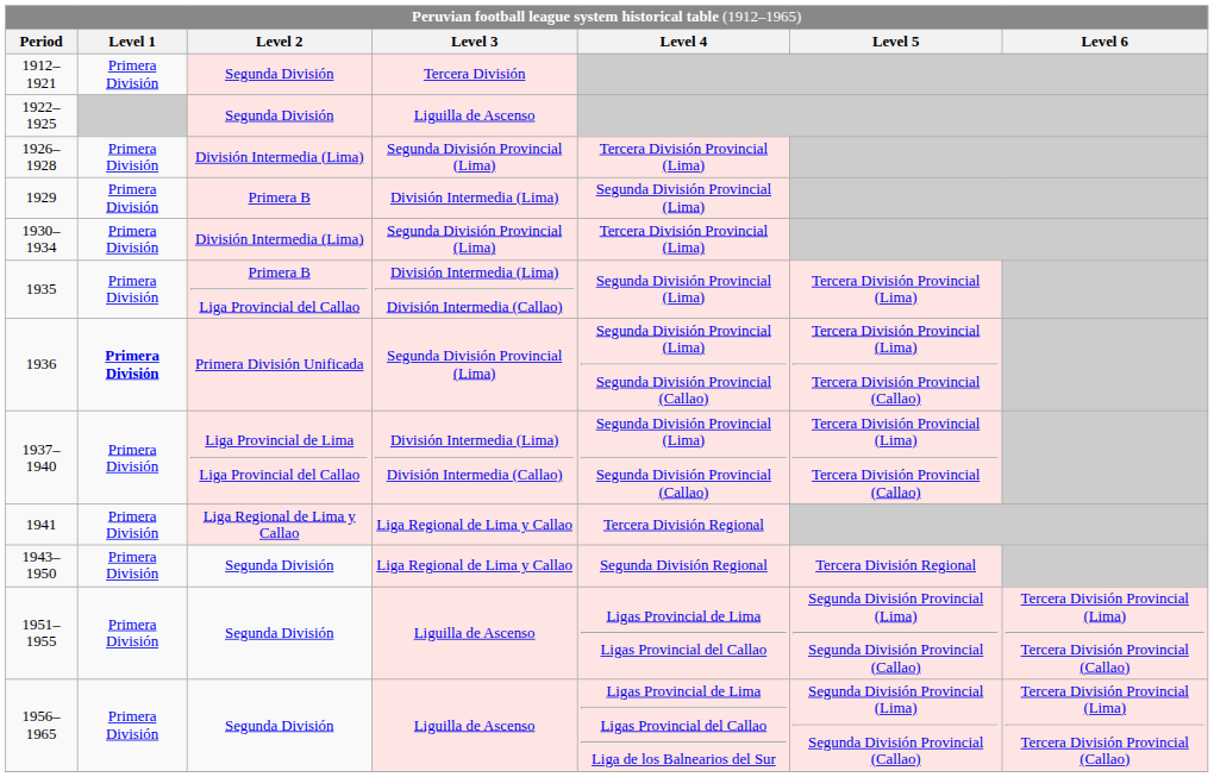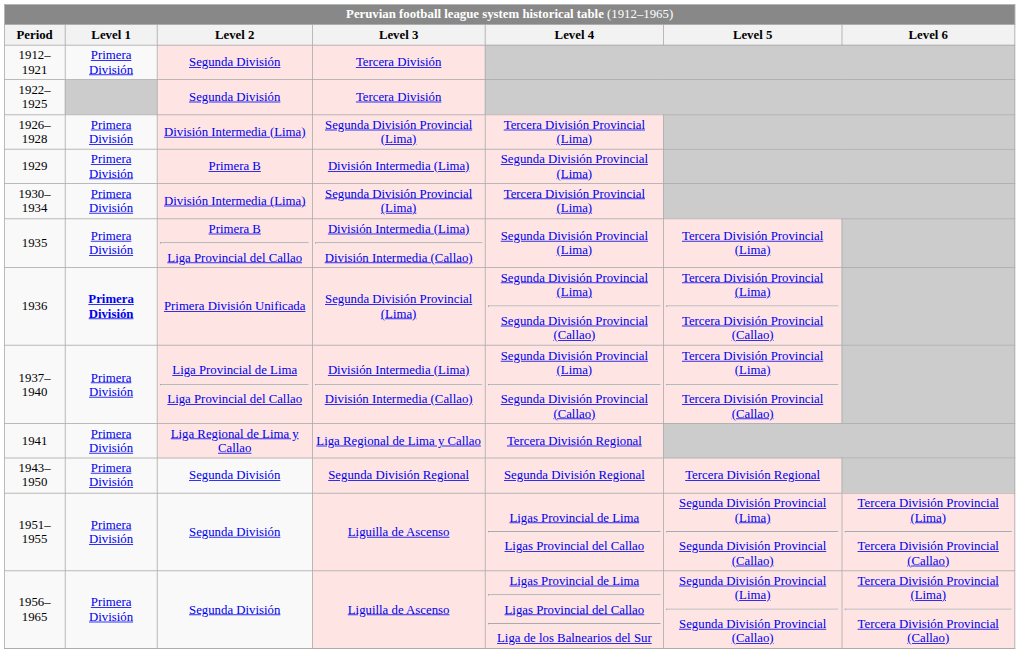 <table class="wikitable sortable" style="text-align:center; margin-right:auto; margin-left: left;">
 <tr>
 <td colspan="7" style="background:#888888; color:#ffffff"><strong>Peruvian football league system historical table</strong> (1912–1965)</td>
 </tr>
 <tr style="background:#dddddd;">
 <th>Period</th>
 <th>Level 1</th>
 <th>Level 2</th>
 <th>Level 3</th>
 <th>Level 4</th>
 <th>Level 5</th>
 <th>Level 6</th>
 </tr>
 <tr>
 <td>1912–1921</td>
 <td><a href='#'>Primera División</a></td>
 <td style=background:#fee4e3><a href='#'>Segunda División</a></td>
 <td style=background:#fee4e3><a href='#'>Tercera División</a></td>
 <td colspan="3" style="background:#cccccc;"></td>
 </tr>
 <tr>
 <td>1922–1925</td>
 <td style="background:#cccccc;"></td>
 <td style=background:#fee4e3><a href='#'>Segunda División</a></td>
-<td style=background:#fee4e3><a href='#'>Liguilla de Ascenso</a></td>
+<td style=background:#fee4e3><a href='#'>Tercera División</a></td>
 <td colspan="3" style="background:#cccccc;"></td>
 </tr>
 <tr>
 <td>1926–1928</td>
 <td><a href='#'>Primera División</a></td>
 <td style=background:#fee4e3><a href='#'>División Intermedia (Lima)</a></td>
 <td style=background:#fee4e3><a href='#'>Segunda División Provincial (Lima)</a></td>
 <td style=background:#fee4e3><a href='#'>Tercera División Provincial (Lima)</a></td>
 <td colspan="2" style="background:#cccccc;"></td>
 </tr>
 <tr>
 <td>1929</td>
 <td><a href='#'>Primera División</a></td>
 <td style=background:#fee4e3><a href='#'>Primera B</a></td>
 <td style=background:#fee4e3><a href='#'>División Intermedia (Lima)</a></td>
 <td style=background:#fee4e3><a href='#'>Segunda División Provincial (Lima)</a></td>
 <td colspan="2" style="background:#cccccc;"></td>
 </tr>
 <tr>
 <td>1930–1934</td>
 <td><a href='#'>Primera División</a></td>
 <td style=background:#fee4e3><a href='#'>División Intermedia (Lima)</a></td>
 <td style=background:#fee4e3><a href='#'>Segunda División Provincial (Lima)</a></td>
 <td style=background:#fee4e3><a href='#'>Tercera División Provincial (Lima)</a></td>
 <td colspan="2" style="background:#cccccc;"></td>
 </tr>
 <tr>
 <td>1935</td>
 <td><a href='#'>Primera División</a></td>
 <td style=background:#fee4e3><a href='#'>Primera B</a><hr> <a href='#'>Liga Provincial del Callao</a></td>
 <td style=background:#fee4e3><a href='#'>División Intermedia (Lima)</a><hr><a href='#'>División Intermedia (Callao)</a></td>
 <td style=background:#fee4e3><a href='#'>Segunda División Provincial (Lima)</a></td>
 <td style=background:#fee4e3><a href='#'>Tercera División Provincial (Lima)</a></td>
 <td style="background:#cccccc;"></td>
 </tr>
 <tr>
 <td>1936</td>
 <td><strong><a href='#'>Primera División</a></strong></td>
 <td style=background:#fee4e3><a href='#'>Primera División Unificada</a></td>
 <td style=background:#fee4e3><a href='#'>Segunda División Provincial (Lima)</a></td>
 <td style=background:#fee4e3><a href='#'>Segunda División Provincial (Lima)</a><hr><a href='#'>Segunda División Provincial (Callao)</a></td>
 <td style=background:#fee4e3><a href='#'>Tercera División Provincial (Lima)</a><hr><a href='#'>Tercera División Provincial (Callao)</a></td>
 <td style="background:#cccccc;"></td>
 </tr>
 <tr>
 <td>1937–1940</td>
 <td><a href='#'>Primera División</a></td>
 <td style=background:#fee4e3><a href='#'>Liga Provincial de Lima</a><hr><a href='#'>Liga Provincial del Callao</a></td>
 <td style=background:#fee4e3><a href='#'>División Intermedia (Lima)</a><hr><a href='#'>División Intermedia (Callao)</a></td>
 <td style=background:#fee4e3><a href='#'>Segunda División Provincial (Lima)</a><hr><a href='#'>Segunda División Provincial (Callao)</a></td>
 <td style=background:#fee4e3><a href='#'>Tercera División Provincial (Lima)</a><hr><a href='#'>Tercera División Provincial (Callao)</a></td>
 <td style="background:#cccccc;"></td>
 </tr>
 <tr>
 <td>1941</td>
 <td><a href='#'>Primera División</a></td>
 <td style=background:#fee4e3><a href='#'>Liga Regional de Lima y Callao</a></td>
 <td style=background:#fee4e3><a href='#'>Liga Regional de Lima y Callao</a></td>
 <td style=background:#fee4e3><a href='#'>Tercera División Regional</a></td>
 <td colspan="2" style="background:#cccccc;"></td>
 </tr>
 <tr>
 <td>1943–1950</td>
 <td><a href='#'>Primera División</a></td>
 <td><a href='#'>Segunda División</a></td>
-<td style=background:#fee4e3><a href='#'>Liga Regional de Lima y Callao</a></td>
+<td style=background:#fee4e3><a href='#'>Segunda División Regional</a></td>
 <td style=background:#fee4e3><a href='#'>Segunda División Regional</a></td>
 <td style=background:#fee4e3><a href='#'>Tercera División Regional</a></td>
 <td style="background:#cccccc;"></td>
 </tr>
 <tr>
 <td>1951–1955</td>
 <td><a href='#'>Primera División</a></td>
 <td><a href='#'>Segunda División</a></td>
 <td style=background:#fee4e3><a href='#'>Liguilla de Ascenso</a></td>
 <td style=background:#fee4e3><a href='#'>Ligas Provincial de Lima</a><hr><a href='#'>Ligas Provincial del Callao</a></td>
 <td style=background:#fee4e3><a href='#'>Segunda División Provincial (Lima)</a><hr><a href='#'>Segunda División Provincial (Callao)</a></td>
 <td style=background:#fee4e3><a href='#'>Tercera División Provincial (Lima)</a><hr><a href='#'>Tercera División Provincial (Callao)</a></td>
 </tr>
 <tr>
 <td>1956–1965</td>
 <td><a href='#'>Primera División</a></td>
 <td><a href='#'>Segunda División</a></td>
 <td style=background:#fee4e3><a href='#'>Liguilla de Ascenso</a></td>
 <td style=background:#fee4e3><a href='#'>Ligas Provincial de Lima</a><hr><a href='#'>Ligas Provincial del Callao</a><hr><a href='#'>Liga de los Balnearios del Sur</a></td>
 <td style=background:#fee4e3><a href='#'>Segunda División Provincial (Lima)</a><hr><a href='#'>Segunda División Provincial (Callao)</a></td>
 <td style=background:#fee4e3><a href='#'>Tercera División Provincial (Lima)</a><hr><a href='#'>Tercera División Provincial (Callao)</a></td>
 </tr>
 <tr>
 </tr>
 </table>
